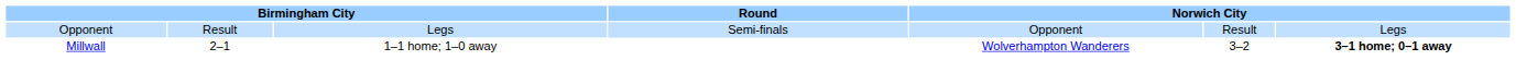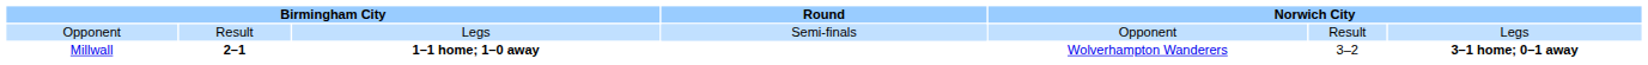 <table width="100%" bgcolor=white>
 <tr valign=top bgcolor=#99ccff>
 <th colspan=3 style="width:40%"><strong>Birmingham City</strong></th>
 <th style="width:20%"><strong>Round</strong></th>
 <th colspan=3 style="width:40%"><strong> Norwich City</strong></th>
 </tr>
 <tr valign=top align="center" bgcolor=#c1e0ff>
 <td>Opponent</td>
 <td>Result</td>
 <td>Legs</td>
 <td bgcolor=#c1e0ff>Semi-finals</td>
 <td>Opponent</td>
 <td>Result</td>
 <td>Legs</td>
 </tr>
 <tr align="center">
 <td><a href='#'>Millwall</a></td>
-<td>2–1</td>
-<td>1–1 home; 1–0 away</td>
+<td><strong>2–1</strong></td>
+<td><strong>1–1 home; 1–0 away</strong></td>
 <td></td>
 <td><a href='#'>Wolverhampton Wanderers</a></td>
 <td>3–2</td>
 <td><strong>3–1 home; 0–1 away</strong></td>
 </tr>
 </table>
